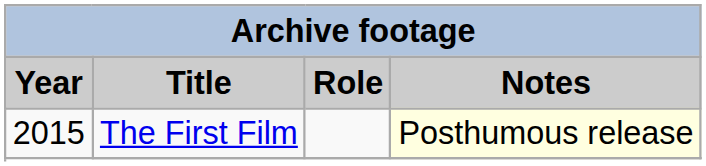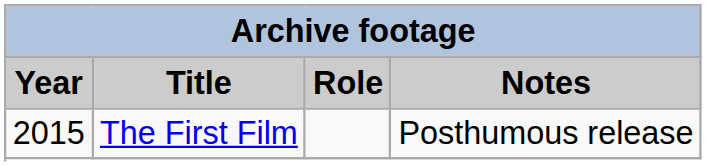 <table class="wikitable" style="font-size:90%;">
 <tr>
 <th colspan=4 style="background:#B0C4DE;">Archive footage</th>
 </tr>
 <tr align="center">
 <th style="background: #CCCCCC;">Year</th>
 <th style="background: #CCCCCC;">Title</th>
 <th style="background: #CCCCCC;">Role</th>
 <th style="background: #CCCCCC;">Notes</th>
 </tr>
 <tr>
 <td rowspan="2">2015</td>
 <td><a href='#'>The First Film</a></td>
 <td></td>
-<td style="background: lightyellow;">Posthumous release</td>
+<td>Posthumous release</td>
 </tr>
 <tr>
 </tr>
 </table>
